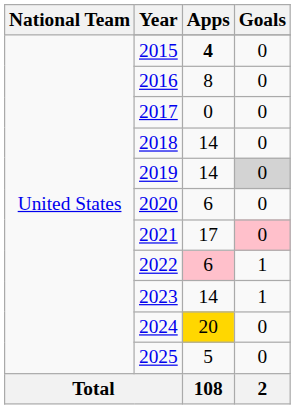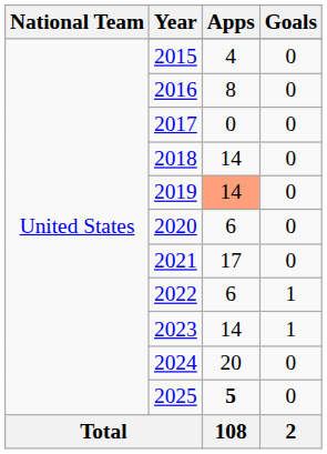 <table class="wikitable" style="text-align:center">
 <tr>
 <th>National Team</th>
 <th>Year</th>
 <th>Apps</th>
 <th>Goals</th>
 </tr>
 <tr>
 <td rowspan=12><a href='#'>United States</a></td>
 </tr>
 <tr>
 <td><a href='#'>2015</a></td>
-<td><strong>4</strong></td>
+<td>4</td>
 <td>0</td>
 </tr>
 <tr>
 <td><a href='#'>2016</a></td>
 <td>8</td>
 <td>0</td>
 </tr>
 <tr>
 <td><a href='#'>2017</a></td>
 <td>0</td>
 <td>0</td>
 </tr>
 <tr>
 <td><a href='#'>2018</a></td>
 <td>14</td>
 <td>0</td>
 </tr>
 <tr>
 <td><a href='#'>2019</a></td>
-<td>14</td>
-<td style="background: lightgrey;">0</td>
+<td style="background: lightsalmon;">14</td>
+<td>0</td>
 </tr>
 <tr>
 <td><a href='#'>2020</a></td>
 <td>6</td>
 <td>0</td>
 </tr>
 <tr>
 <td><a href='#'>2021</a></td>
 <td>17</td>
-<td style="background: pink;">0</td>
+<td>0</td>
 </tr>
 <tr>
 <td><a href='#'>2022</a></td>
-<td style="background: pink;">6</td>
+<td>6</td>
 <td>1</td>
 </tr>
 <tr>
 <td><a href='#'>2023</a></td>
 <td>14</td>
 <td>1</td>
 </tr>
 <tr>
 <td><a href='#'>2024</a></td>
-<td style="background: gold;">20</td>
+<td>20</td>
 <td>0</td>
 </tr>
 <tr>
 <td><a href='#'>2025</a></td>
-<td>5</td>
+<td><strong>5</strong></td>
 <td>0</td>
 </tr>
 <tr>
 <th colspan=2>Total</th>
 <th>108</th>
 <th>2</th>
 </tr>
 </table>
